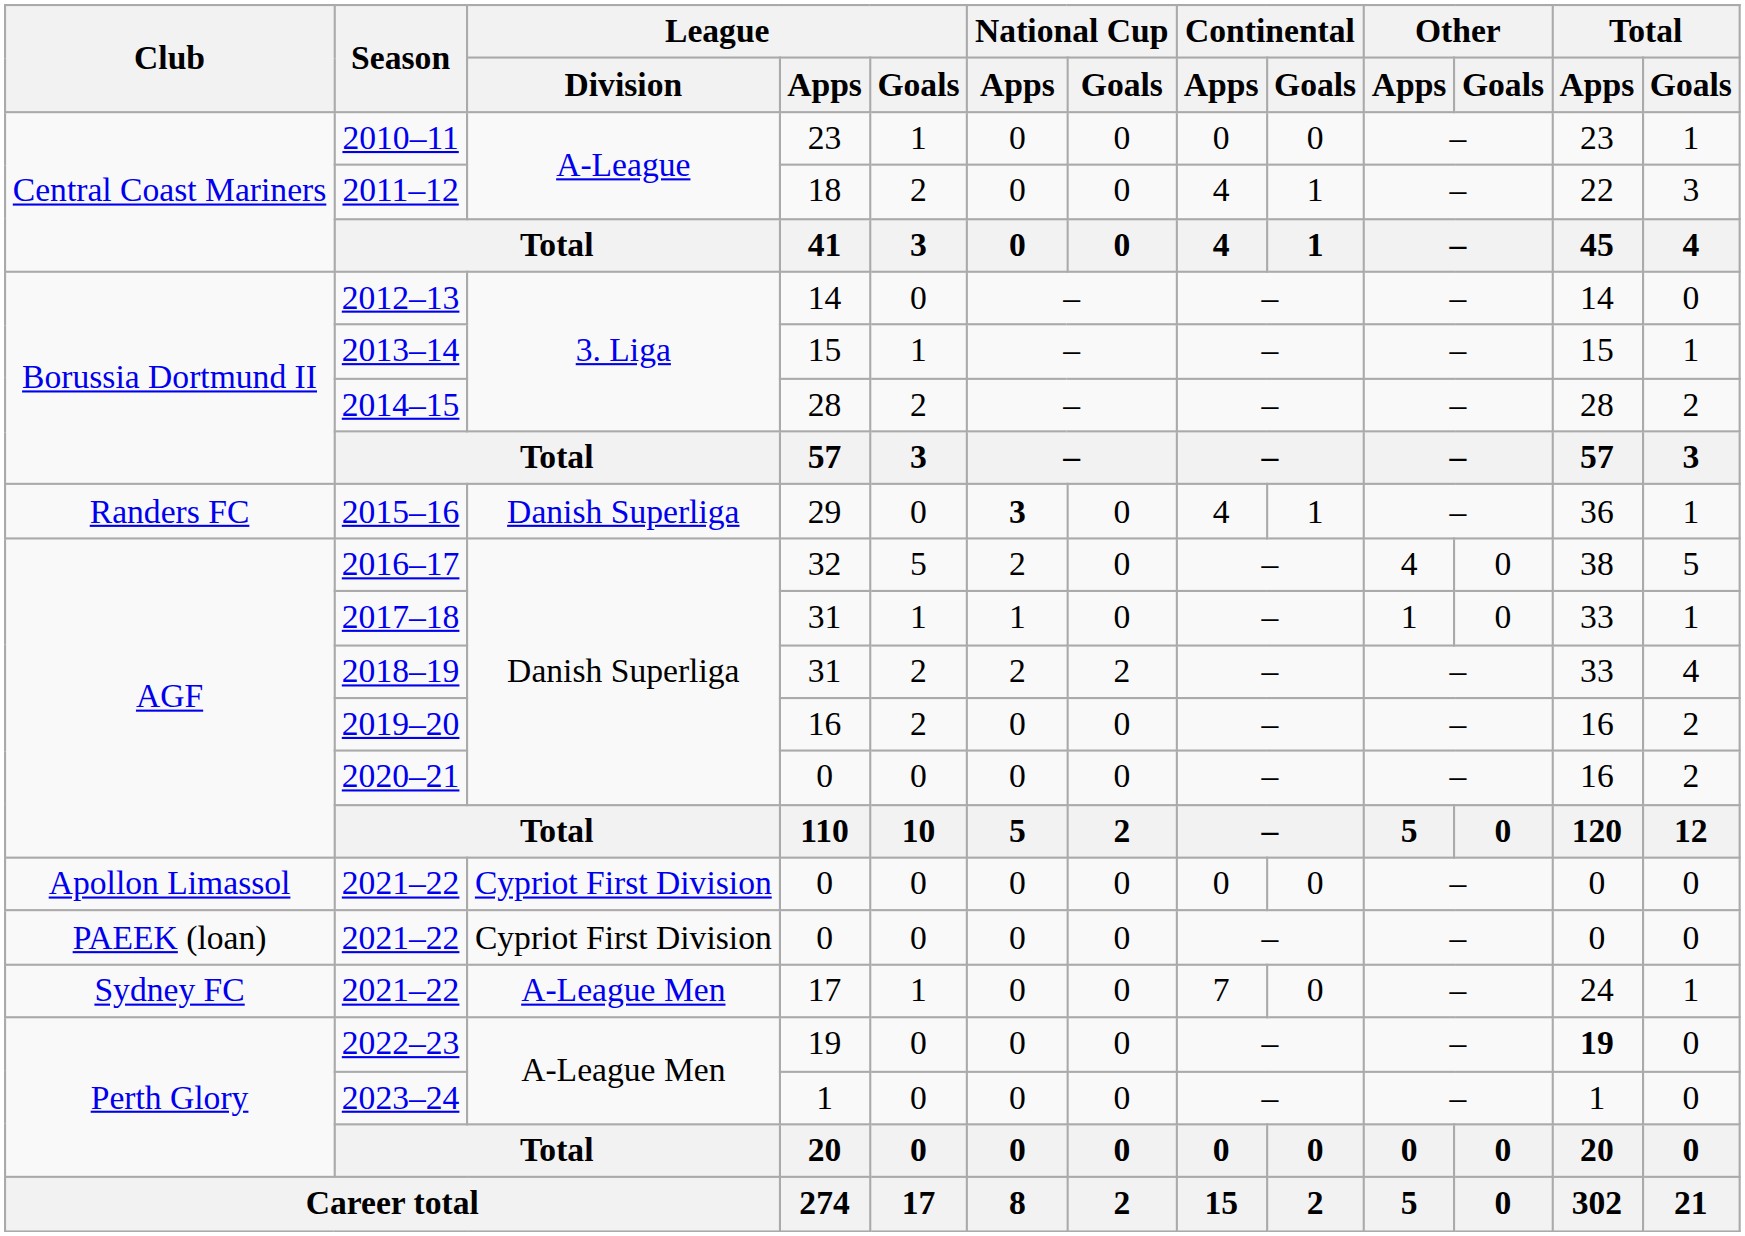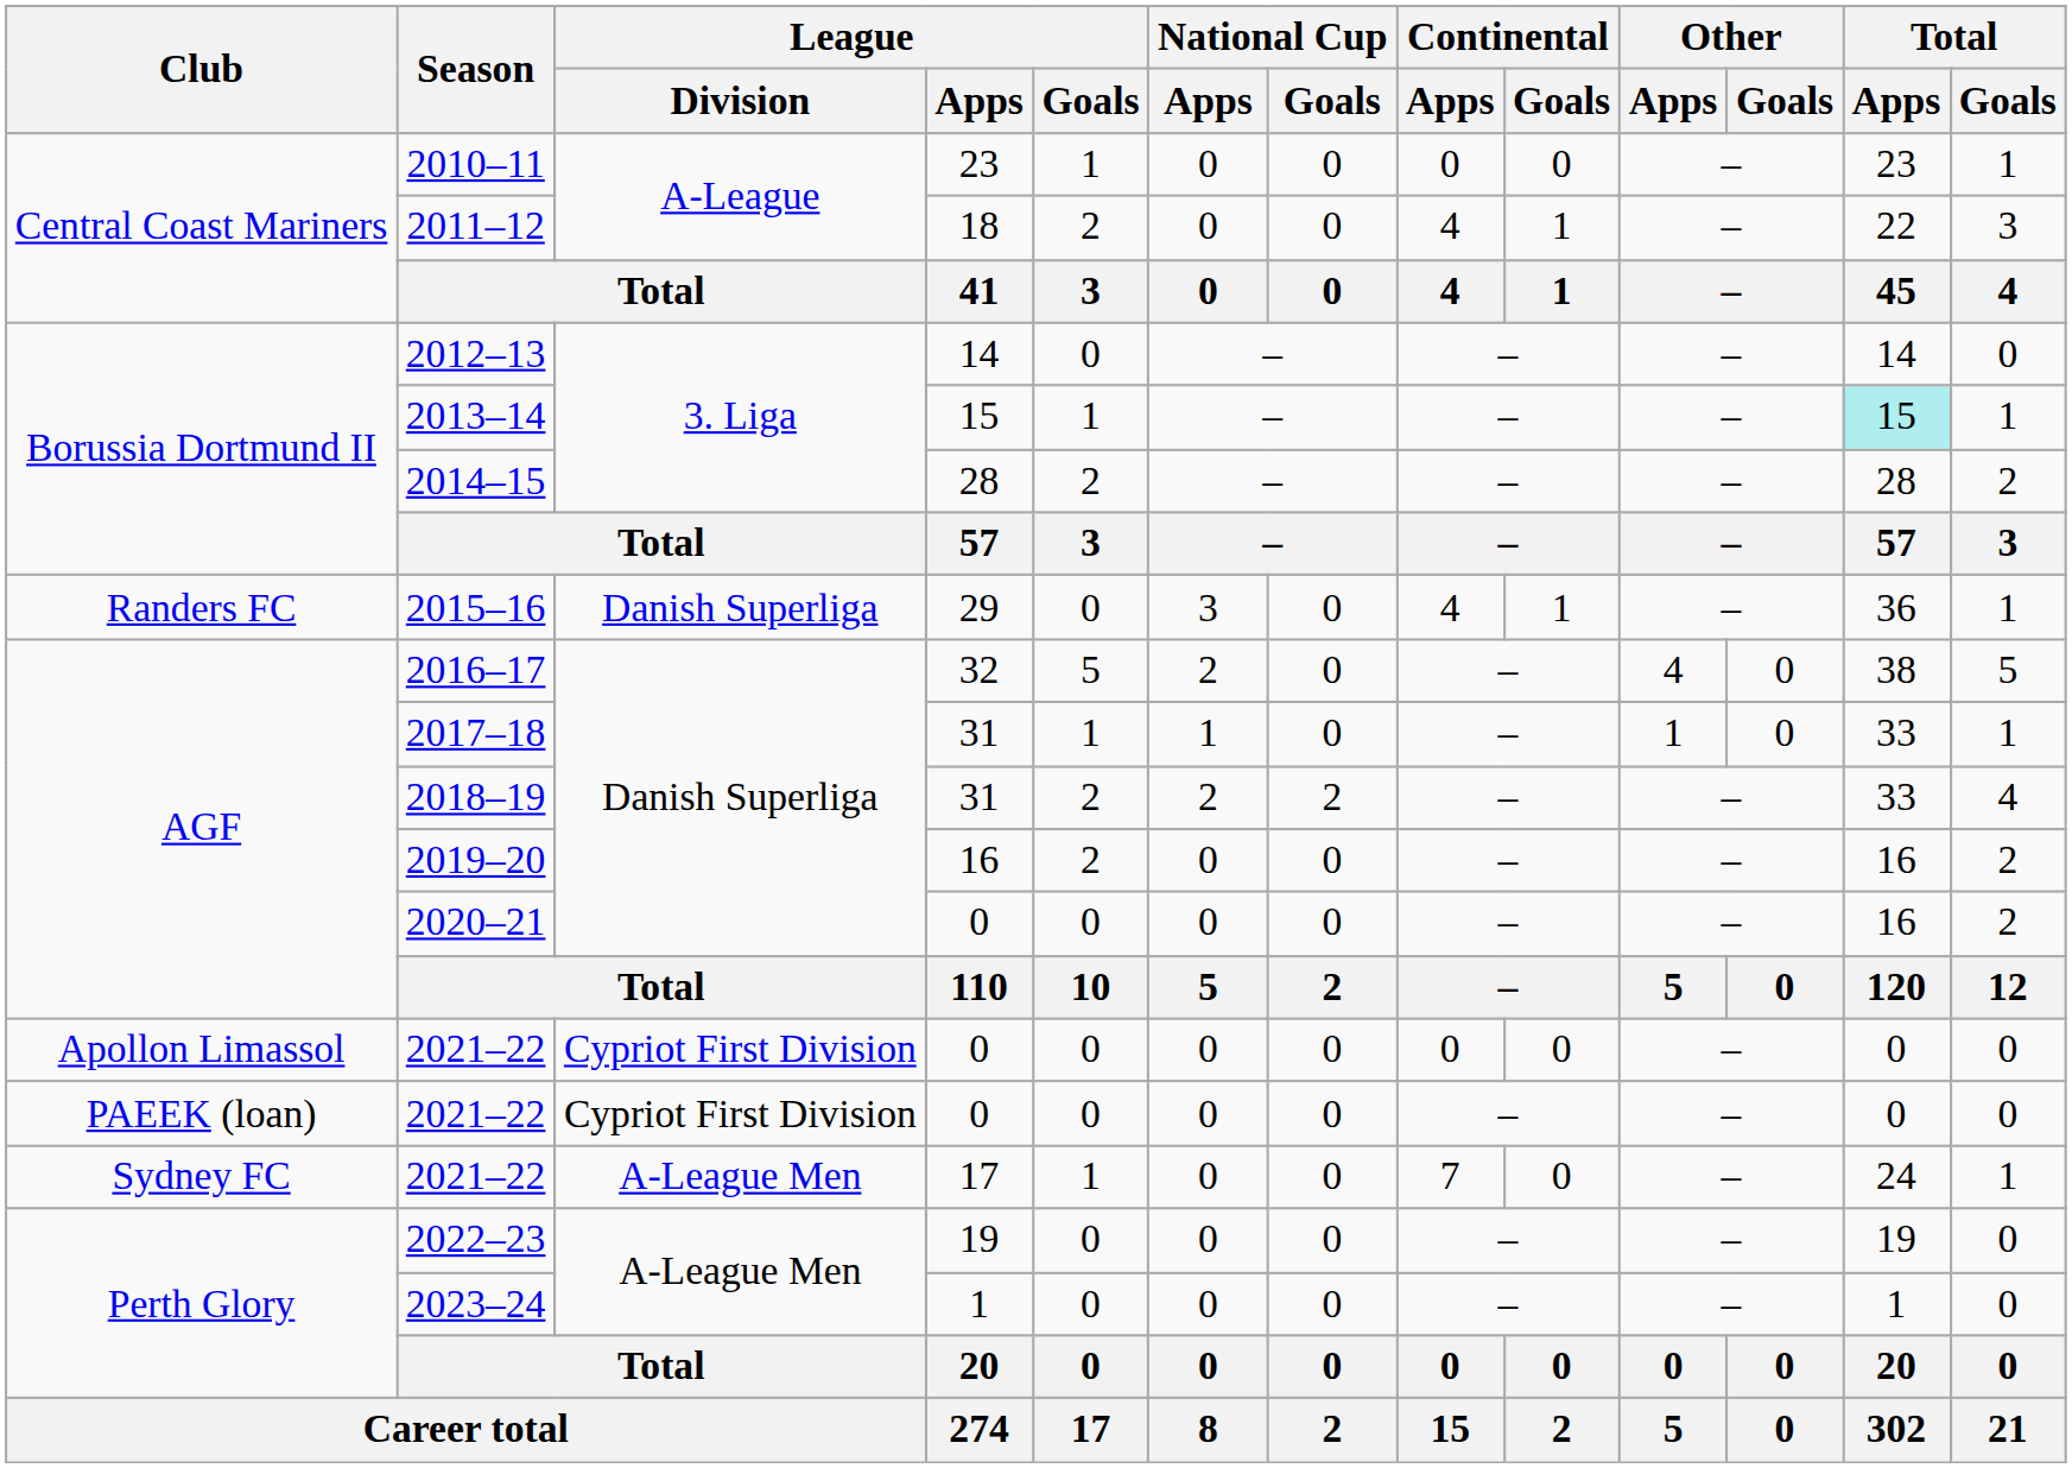 <table class="wikitable" style="text-align:center;">
 <tr>
 <th rowspan="2">Club</th>
 <th rowspan="2">Season</th>
 <th colspan="3">League</th>
 <th colspan="2">National Cup</th>
 <th colspan="2">Continental</th>
 <th colspan="2">Other</th>
 <th colspan="2">Total</th>
 </tr>
 <tr>
 <th>Division</th>
 <th>Apps</th>
 <th>Goals</th>
 <th>Apps</th>
 <th>Goals</th>
 <th>Apps</th>
 <th>Goals</th>
 <th>Apps</th>
 <th>Goals</th>
 <th>Apps</th>
 <th>Goals</th>
 </tr>
 <tr>
 <td rowspan="3"><a href='#'>Central Coast Mariners</a></td>
 <td><a href='#'>2010–11</a></td>
 <td rowspan=2><a href='#'>A-League</a></td>
 <td>23</td>
 <td>1</td>
 <td>0</td>
 <td>0</td>
 <td>0</td>
 <td>0</td>
 <td colspan="2">–</td>
 <td>23</td>
 <td>1</td>
 </tr>
 <tr>
 <td><a href='#'>2011–12</a></td>
 <td>18</td>
 <td>2</td>
 <td>0</td>
 <td>0</td>
 <td>4</td>
 <td>1</td>
 <td colspan="2">–</td>
 <td>22</td>
 <td>3</td>
 </tr>
 <tr>
 <th colspan="2">Total</th>
 <th>41</th>
 <th>3</th>
 <th>0</th>
 <th>0</th>
 <th>4</th>
 <th>1</th>
 <th colspan="2">–</th>
 <th>45</th>
 <th>4</th>
 </tr>
 <tr>
 <td rowspan="4"><a href='#'>Borussia Dortmund II</a></td>
 <td><a href='#'>2012–13</a></td>
 <td rowspan=3><a href='#'>3. Liga</a></td>
 <td>14</td>
 <td>0</td>
 <td colspan="2">–</td>
 <td colspan="2">–</td>
 <td colspan="2">–</td>
 <td>14</td>
 <td>0</td>
 </tr>
 <tr>
 <td><a href='#'>2013–14</a></td>
 <td>15</td>
 <td>1</td>
 <td colspan="2">–</td>
 <td colspan="2">–</td>
 <td colspan="2">–</td>
-<td>15</td>
+<td style="background: paleturquoise;">15</td>
 <td>1</td>
 </tr>
 <tr>
 <td><a href='#'>2014–15</a></td>
 <td>28</td>
 <td>2</td>
 <td colspan="2">–</td>
 <td colspan="2">–</td>
 <td colspan="2">–</td>
 <td>28</td>
 <td>2</td>
 </tr>
 <tr>
 <th colspan="2">Total</th>
 <th>57</th>
 <th>3</th>
 <th colspan="2">–</th>
 <th colspan="2">–</th>
 <th colspan="2">–</th>
 <th>57</th>
 <th>3</th>
 </tr>
 <tr>
 <td><a href='#'>Randers FC</a></td>
 <td><a href='#'>2015–16</a></td>
 <td><a href='#'>Danish Superliga</a></td>
 <td>29</td>
 <td>0</td>
-<td><strong>3</strong></td>
+<td>3</td>
 <td>0</td>
 <td>4</td>
 <td>1</td>
 <td colspan="2">–</td>
 <td>36</td>
 <td>1</td>
 </tr>
 <tr>
 <td rowspan=6><a href='#'>AGF</a></td>
 <td><a href='#'>2016–17</a></td>
 <td rowspan=5>Danish Superliga</td>
 <td>32</td>
 <td>5</td>
 <td>2</td>
 <td>0</td>
 <td colspan="2">–</td>
 <td>4</td>
 <td>0</td>
 <td>38</td>
 <td>5</td>
 </tr>
 <tr>
 <td><a href='#'>2017–18</a></td>
 <td>31</td>
 <td>1</td>
 <td>1</td>
 <td>0</td>
 <td colspan="2">–</td>
 <td>1</td>
 <td>0</td>
 <td>33</td>
 <td>1</td>
 </tr>
 <tr>
 <td><a href='#'>2018–19</a></td>
 <td>31</td>
 <td>2</td>
 <td>2</td>
 <td>2</td>
 <td colspan="2">–</td>
 <td colspan="2">–</td>
 <td>33</td>
 <td>4</td>
 </tr>
 <tr>
 <td><a href='#'>2019–20</a></td>
 <td>16</td>
 <td>2</td>
 <td>0</td>
 <td>0</td>
 <td colspan="2">–</td>
 <td colspan="2">–</td>
 <td>16</td>
 <td>2</td>
 </tr>
 <tr>
 <td><a href='#'>2020–21</a></td>
 <td>0</td>
 <td>0</td>
 <td>0</td>
 <td>0</td>
 <td colspan="2">–</td>
 <td colspan="2">–</td>
 <td>16</td>
 <td>2</td>
 </tr>
 <tr>
 <th colspan=2>Total</th>
 <th>110</th>
 <th>10</th>
 <th>5</th>
 <th>2</th>
 <th colspan="2">–</th>
 <th>5</th>
 <th>0</th>
 <th>120</th>
 <th>12</th>
 </tr>
 <tr>
 <td><a href='#'>Apollon Limassol</a></td>
 <td><a href='#'>2021–22</a></td>
 <td rowspan=1><a href='#'>Cypriot First Division</a></td>
 <td>0</td>
 <td>0</td>
 <td>0</td>
 <td>0</td>
 <td>0</td>
 <td>0</td>
 <td colspan="2">–</td>
 <td>0</td>
 <td>0</td>
 </tr>
 <tr>
 <td><a href='#'>PAEEK</a> (loan)</td>
 <td><a href='#'>2021–22</a></td>
 <td>Cypriot First Division</td>
 <td>0</td>
 <td>0</td>
 <td>0</td>
 <td>0</td>
 <td colspan="2">–</td>
 <td colspan="2">–</td>
 <td>0</td>
 <td>0</td>
 </tr>
 <tr>
 <td><a href='#'>Sydney FC</a></td>
 <td><a href='#'>2021–22</a></td>
 <td><a href='#'>A-League Men</a></td>
 <td>17</td>
 <td>1</td>
 <td>0</td>
 <td>0</td>
 <td>7</td>
 <td>0</td>
 <td colspan="2">–</td>
 <td>24</td>
 <td>1</td>
 </tr>
 <tr>
 <td rowspan=3><a href='#'>Perth Glory</a></td>
 <td><a href='#'>2022–23</a></td>
 <td rowspan=2>A-League Men</td>
 <td>19</td>
 <td>0</td>
 <td>0</td>
 <td>0</td>
 <td colspan="2">–</td>
 <td colspan="2">–</td>
-<td><strong>19</strong></td>
+<td>19</td>
 <td>0</td>
 </tr>
 <tr>
 <td><a href='#'>2023–24</a></td>
 <td>1</td>
 <td>0</td>
 <td>0</td>
 <td>0</td>
 <td colspan="2">–</td>
 <td colspan="2">–</td>
 <td>1</td>
 <td>0</td>
 </tr>
 <tr>
 <th colspan=2>Total</th>
 <th>20</th>
 <th>0</th>
 <th>0</th>
 <th>0</th>
 <th>0</th>
 <th>0</th>
 <th>0</th>
 <th>0</th>
 <th>20</th>
 <th>0</th>
 </tr>
 <tr>
 <th colspan="3">Career total</th>
 <th>274</th>
 <th>17</th>
 <th>8</th>
 <th>2</th>
 <th>15</th>
 <th>2</th>
 <th>5</th>
 <th>0</th>
 <th>302</th>
 <th>21</th>
 </tr>
 </table>
